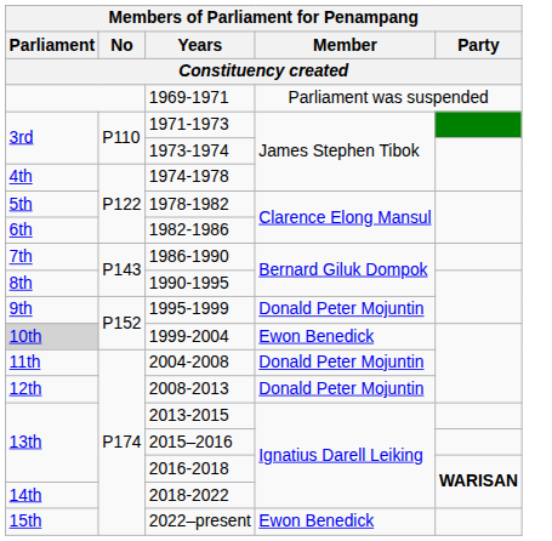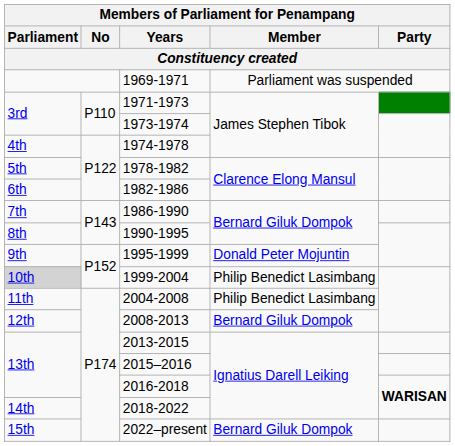 <table class=wikitable>
 <tr>
 <th colspan="5">Members of Parliament for Penampang</th>
 </tr>
 <tr>
 <th>Parliament</th>
 <th>No</th>
 <th>Years</th>
 <th>Member</th>
 <th>Party</th>
 </tr>
 <tr>
 <th colspan="5" align="center"><em>Constituency created</em></th>
 </tr>
 <tr>
 <td colspan="2"></td>
 <td>1969-1971</td>
 <td colspan=2 align=center>Parliament was suspended</td>
 </tr>
 <tr>
 <td rowspan=2><a href='#'>3rd</a></td>
 <td rowspan="2">P110</td>
 <td>1971-1973</td>
 <td rowspan=3>James Stephen Tibok</td>
 <td bgcolor=#008000></td>
 </tr>
 <tr>
 <td>1973-1974</td>
 <td rowspan="2"></td>
 </tr>
 <tr>
 <td><a href='#'>4th</a></td>
 <td rowspan="3">P122</td>
 <td>1974-1978</td>
 </tr>
 <tr>
 <td><a href='#'>5th</a></td>
 <td>1978-1982</td>
 <td rowspan=2><a href='#'>Clarence Elong Mansul</a></td>
 <td rowspan="2"></td>
 </tr>
 <tr>
 <td><a href='#'>6th</a></td>
 <td>1982-1986</td>
 </tr>
 <tr>
 <td><a href='#'>7th</a></td>
 <td rowspan="2">P143</td>
 <td>1986-1990</td>
 <td rowspan=2><a href='#'>Bernard Giluk Dompok</a></td>
 <td></td>
 </tr>
 <tr>
 <td><a href='#'>8th</a></td>
 <td>1990-1995</td>
 <td rowspan=2 bgcolor=></td>
 </tr>
 <tr>
 <td><a href='#'>9th</a></td>
 <td rowspan="2">P152</td>
 <td>1995-1999</td>
 <td><a href='#'>Donald Peter Mojuntin</a></td>
 </tr>
 <tr>
 <td style="background: lightgrey;"><a href='#'>10th</a></td>
 <td>1999-2004</td>
-<td><a href='#'>Ewon Benedick</a></td>
+<td>Philip Benedict Lasimbang</td>
 <td rowspan=3></td>
 </tr>
 <tr>
 <td><a href='#'>11th</a></td>
 <td rowspan=7>P174</td>
 <td>2004-2008</td>
-<td><a href='#'>Donald Peter Mojuntin</a></td>
+<td>Philip Benedict Lasimbang</td>
 </tr>
 <tr>
 <td><a href='#'>12th</a></td>
 <td>2008-2013</td>
-<td><a href='#'>Donald Peter Mojuntin</a></td>
+<td><a href='#'>Bernard Giluk Dompok</a></td>
 </tr>
 <tr>
 <td rowspan=3><a href='#'>13th</a></td>
 <td>2013-2015</td>
 <td rowspan=4><a href='#'>Ignatius Darell Leiking</a></td>
 <td></td>
 </tr>
 <tr>
 <td>2015–2016</td>
 <td></td>
 </tr>
 <tr>
 <td>2016-2018</td>
 <td rowspan=2><strong>WARISAN</strong></td>
 </tr>
 <tr>
 <td><a href='#'>14th</a></td>
 <td>2018-2022</td>
 </tr>
 <tr>
 <td><a href='#'>15th</a></td>
 <td>2022–present</td>
-<td><a href='#'>Ewon Benedick</a></td>
+<td><a href='#'>Bernard Giluk Dompok</a></td>
 <td></td>
 </tr>
 </table>
